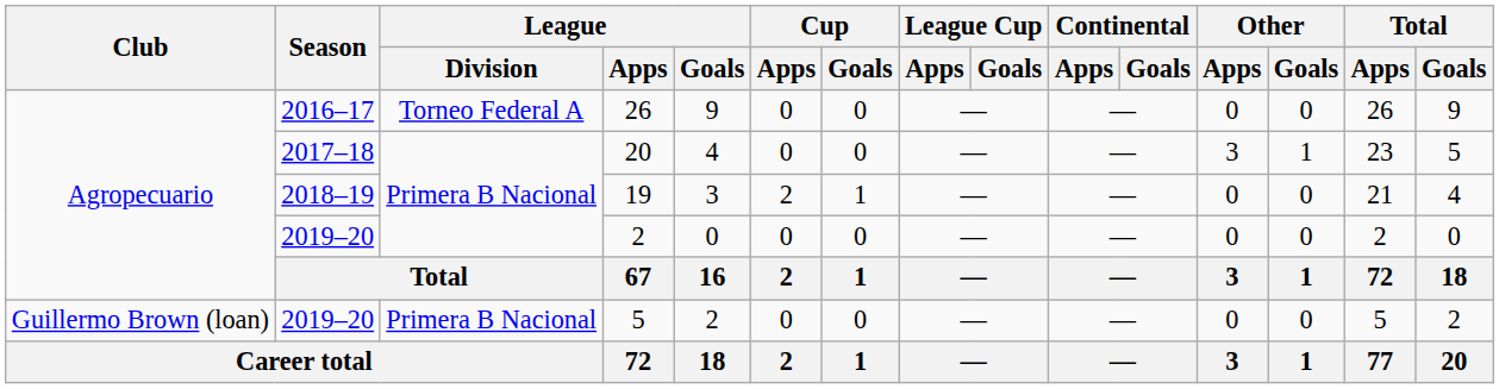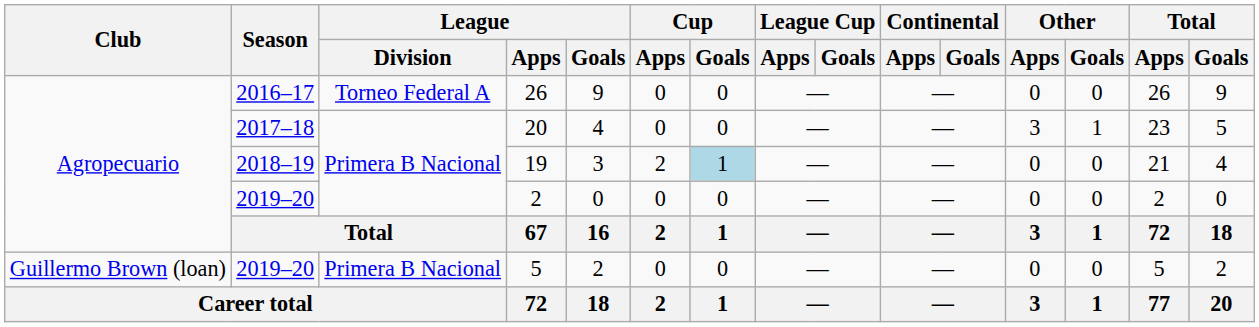 <table class="wikitable" style="text-align:center">
 <tr>
 <th rowspan="2">Club</th>
 <th rowspan="2">Season</th>
 <th colspan="3">League</th>
 <th colspan="2">Cup</th>
 <th colspan="2">League Cup</th>
 <th colspan="2">Continental</th>
 <th colspan="2">Other</th>
 <th colspan="2">Total</th>
 </tr>
 <tr>
 <th>Division</th>
 <th>Apps</th>
 <th>Goals</th>
 <th>Apps</th>
 <th>Goals</th>
 <th>Apps</th>
 <th>Goals</th>
 <th>Apps</th>
 <th>Goals</th>
 <th>Apps</th>
 <th>Goals</th>
 <th>Apps</th>
 <th>Goals</th>
 </tr>
 <tr>
 <td rowspan="5"><a href='#'>Agropecuario</a></td>
 <td><a href='#'>2016–17</a></td>
 <td rowspan="1"><a href='#'>Torneo Federal A</a></td>
 <td>26</td>
 <td>9</td>
 <td>0</td>
 <td>0</td>
 <td colspan="2">—</td>
 <td colspan="2">—</td>
 <td>0</td>
 <td>0</td>
 <td>26</td>
 <td>9</td>
 </tr>
 <tr>
 <td><a href='#'>2017–18</a></td>
 <td rowspan="3"><a href='#'>Primera B Nacional</a></td>
 <td>20</td>
 <td>4</td>
 <td>0</td>
 <td>0</td>
 <td colspan="2">—</td>
 <td colspan="2">—</td>
 <td>3</td>
 <td>1</td>
 <td>23</td>
 <td>5</td>
 </tr>
 <tr>
 <td><a href='#'>2018–19</a></td>
 <td>19</td>
 <td>3</td>
 <td>2</td>
-<td>1</td>
+<td style="background: lightblue;">1</td>
 <td colspan="2">—</td>
 <td colspan="2">—</td>
 <td>0</td>
 <td>0</td>
 <td>21</td>
 <td>4</td>
 </tr>
 <tr>
 <td><a href='#'>2019–20</a></td>
 <td>2</td>
 <td>0</td>
 <td>0</td>
 <td>0</td>
 <td colspan="2">—</td>
 <td colspan="2">—</td>
 <td>0</td>
 <td>0</td>
 <td>2</td>
 <td>0</td>
 </tr>
 <tr>
 <th colspan="2">Total</th>
 <th>67</th>
 <th>16</th>
 <th>2</th>
 <th>1</th>
 <th colspan="2">—</th>
 <th colspan="2">—</th>
 <th>3</th>
 <th>1</th>
 <th>72</th>
 <th>18</th>
 </tr>
 <tr>
 <td rowspan="1"><a href='#'>Guillermo Brown</a> (loan)</td>
 <td><a href='#'>2019–20</a></td>
 <td rowspan="1"><a href='#'>Primera B Nacional</a></td>
 <td>5</td>
 <td>2</td>
 <td>0</td>
 <td>0</td>
 <td colspan="2">—</td>
 <td colspan="2">—</td>
 <td>0</td>
 <td>0</td>
 <td>5</td>
 <td>2</td>
 </tr>
 <tr>
 <th colspan="3">Career total</th>
 <th>72</th>
 <th>18</th>
 <th>2</th>
 <th>1</th>
 <th colspan="2">—</th>
 <th colspan="2">—</th>
 <th>3</th>
 <th>1</th>
 <th>77</th>
 <th>20</th>
 </tr>
 </table>
